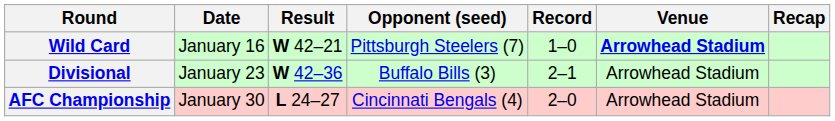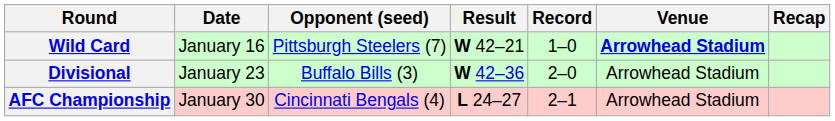 <table class="wikitable" style="text-align:center">
 <tr>
 <th>Round</th>
 <th>Date</th>
+<th>Opponent (seed)</th>
 <th>Result</th>
-<th>Opponent (seed)</th>
 <th>Record</th>
 <th>Venue</th>
 <th>Recap</th>
 </tr>
 <tr style="background:#cfc">
 <th><a href='#'>Wild Card</a></th>
 <td>January 16</td>
+<td><a href='#'>Pittsburgh Steelers</a> (7)</td>
 <td><strong>W</strong> 42–21</td>
-<td><a href='#'>Pittsburgh Steelers</a> (7)</td>
 <td>1–0</td>
 <td><strong><a href='#'>Arrowhead Stadium</a></strong></td>
 <td></td>
 </tr>
 <tr style="background:#cfc">
 <th><a href='#'>Divisional</a></th>
 <td>January 23</td>
+<td><a href='#'>Buffalo Bills</a> (3)</td>
 <td><strong>W</strong> <a href='#'>42–36 </a></td>
-<td><a href='#'>Buffalo Bills</a> (3)</td>
-<td>2–1</td>
+<td>2–0</td>
 <td>Arrowhead Stadium</td>
 <td></td>
 </tr>
 <tr style="background:#fcc">
 <th><a href='#'>AFC Championship</a></th>
 <td>January 30</td>
+<td><a href='#'>Cincinnati Bengals</a> (4)</td>
 <td><strong>L</strong> 24–27 </td>
-<td><a href='#'>Cincinnati Bengals</a> (4)</td>
-<td>2–0</td>
+<td>2–1</td>
 <td>Arrowhead Stadium</td>
 <td></td>
 </tr>
 </table>
